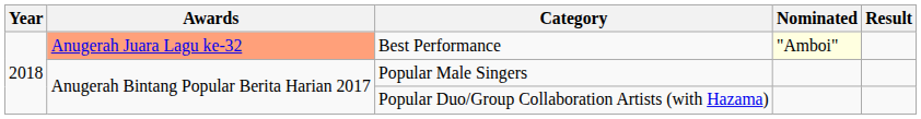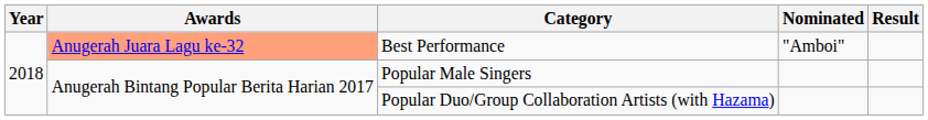 <table class="wikitable">
 <tr>
 <th>Year</th>
 <th>Awards</th>
 <th>Category</th>
 <th>Nominated</th>
 <th>Result</th>
 </tr>
 <tr>
 <td rowspan="3">2018</td>
 <td style="background: lightsalmon;"><a href='#'>Anugerah Juara Lagu ke-32</a></td>
 <td>Best Performance</td>
-<td style="background: lightyellow;">"Amboi"</td>
+<td>"Amboi"</td>
 <td></td>
 </tr>
 <tr>
 <td rowspan="2">Anugerah Bintang Popular Berita Harian 2017</td>
 <td>Popular Male Singers</td>
 <td></td>
 <td></td>
 </tr>
 <tr>
 <td>Popular Duo/Group Collaboration Artists (with <a href='#'>Hazama</a>)</td>
 <td></td>
 <td></td>
 </tr>
 </table>
